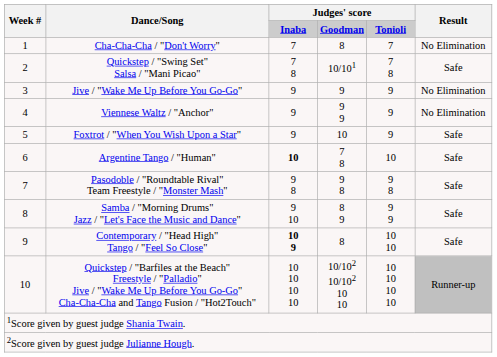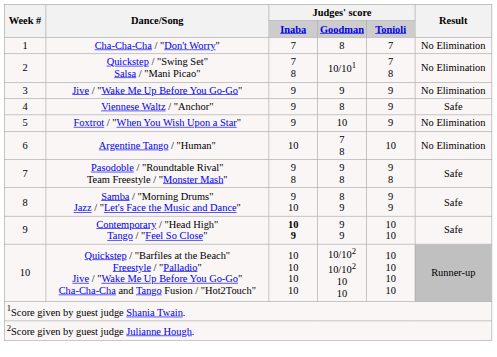 <table class="wikitable collapsible collapsed">
 <tr style="text-align: center; background:#ccc;">
 <th rowspan="2">Week #</th>
 <th rowspan="2">Dance/Song</th>
 <th colspan="3">Judges' score</th>
 <th rowspan="2">Result</th>
 </tr>
 <tr style="text-align: center; background:#ccc;">
 <td style="width:10%; "><strong><a href='#'>Inaba</a></strong></td>
 <td style="width:10%; "><strong><a href='#'>Goodman</a></strong></td>
 <td style="width:10%; "><strong><a href='#'>Tonioli</a></strong></td>
 </tr>
 <tr style="text-align:center; background:#faf6f6;">
 <td>1</td>
 <td><a href='#'>Cha-Cha-Cha</a> / "<a href='#'>Don't Worry</a>"</td>
 <td>7</td>
 <td>8</td>
 <td>7</td>
 <td>No Elimination</td>
 </tr>
 <tr style="text-align:center; background:#faf6f6;">
 <td>2</td>
 <td><a href='#'>Quickstep</a> / "Swing Set" <br> <a href='#'>Salsa</a> / "Mani Picao"</td>
 <td>7<br>8</td>
 <td>10/10<sup>1</sup></td>
 <td>7<br>8</td>
-<td>Safe</td>
+<td>No Elimination</td>
 </tr>
 <tr style="text-align:center; background:#faf6f6;">
 <td>3</td>
 <td><a href='#'>Jive</a> / "<a href='#'>Wake Me Up Before You Go-Go</a>"</td>
 <td>9</td>
 <td>9</td>
 <td>9</td>
 <td>No Elimination</td>
 </tr>
 <tr style="text-align:center; background:#faf6f6;">
 <td>4</td>
 <td><a href='#'>Viennese Waltz</a> / "Anchor"</td>
 <td>9</td>
-<td>9<br>9</td>
+<td>8</td>
 <td>9</td>
-<td>No Elimination</td>
+<td>Safe</td>
 </tr>
 <tr style="text-align:center; background:#faf6f6;">
 <td>5</td>
 <td><a href='#'>Foxtrot</a> / "<a href='#'>When You Wish Upon a Star</a>"</td>
 <td>9</td>
 <td>10</td>
 <td>9</td>
-<td>Safe</td>
+<td>No Elimination</td>
 </tr>
 <tr style="text-align:center; background:#faf6f6;">
 <td>6</td>
 <td><a href='#'>Argentine Tango</a> / "Human"</td>
-<td><strong>10</strong></td>
+<td>10</td>
 <td>7<br>8</td>
 <td>10</td>
-<td>Safe</td>
+<td>No Elimination</td>
 </tr>
 <tr style="text-align:center; background:#faf6f6">
 <td>7</td>
 <td><a href='#'>Pasodoble</a> / "Roundtable Rival"<br> Team Freestyle / "<a href='#'>Monster Mash</a>"</td>
 <td>9<br>8</td>
 <td>9<br>8</td>
 <td>9<br>8</td>
 <td>Safe</td>
 </tr>
 <tr style="text-align:center; background:#faf6f6">
 <td>8</td>
 <td><a href='#'>Samba</a> / "Morning Drums"<br> <a href='#'>Jazz</a> / "<a href='#'>Let's Face the Music and Dance</a>"</td>
 <td>9<br>10</td>
 <td>8<br>9</td>
 <td>9<br>9</td>
 <td>Safe</td>
 </tr>
 <tr style="text-align:center; background:#faf6f6">
 <td>9</td>
 <td><a href='#'>Contemporary</a> / "Head High"<br> <a href='#'>Tango</a> / "<a href='#'>Feel So Close</a>"</td>
 <td><strong>10<br>9</strong></td>
-<td>8</td>
+<td>9<br>9</td>
 <td>10<br>10</td>
 <td>Safe</td>
 </tr>
 <tr style="text-align:center; background:#faf6f6">
 <td>10</td>
 <td><a href='#'>Quickstep</a> / "Barfiles at the Beach"<br> <a href='#'>Freestyle</a> / "<a href='#'>Palladio</a>"<br> <a href='#'>Jive</a> / "<a href='#'>Wake Me Up Before You Go-Go</a>"<br> <a href='#'>Cha-Cha-Cha</a> and <a href='#'>Tango</a> Fusion / "Hot2Touch"</td>
 <td>10<br>10<br>10<br>10</td>
 <td>10/10<sup>2</sup><br>10/10<sup>2</sup><br>10<br>10</td>
 <td>10<br>10<br>10<br>10</td>
 <td style="background:silver;">Runner-up</td>
 </tr>
 <tr>
 <td colspan="6" style="background:#faf6f6; text-align:left;"><sup>1</sup>Score given by guest judge <a href='#'>Shania Twain</a>.</td>
 </tr>
 <tr>
 <td colspan="6" style="background:#faf6f6; text-align:left;"><sup>2</sup>Score given by guest judge <a href='#'>Julianne Hough</a>.</td>
 </tr>
 </table>
